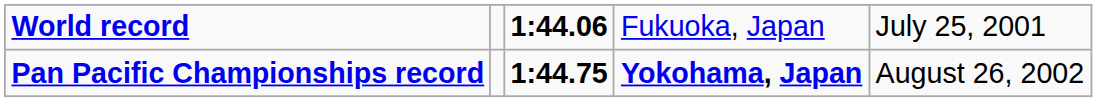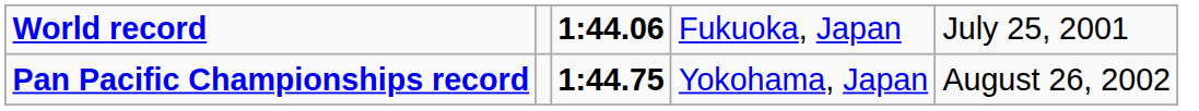 <table class="wikitable">
 <tr>
 <td><strong><a href='#'>World record</a></strong></td>
 <td></td>
 <td><strong>1:44.06</strong></td>
 <td><a href='#'>Fukuoka</a>, <a href='#'>Japan</a></td>
 <td>July 25, 2001</td>
 </tr>
 <tr>
 <td><strong><a href='#'>Pan Pacific Championships record</a></strong></td>
 <td></td>
 <td><strong>1:44.75</strong></td>
-<td><strong><a href='#'>Yokohama</a>, <a href='#'>Japan</a></strong></td>
+<td><a href='#'>Yokohama</a>, <a href='#'>Japan</a></td>
 <td>August 26, 2002</td>
 </tr>
 </table>
